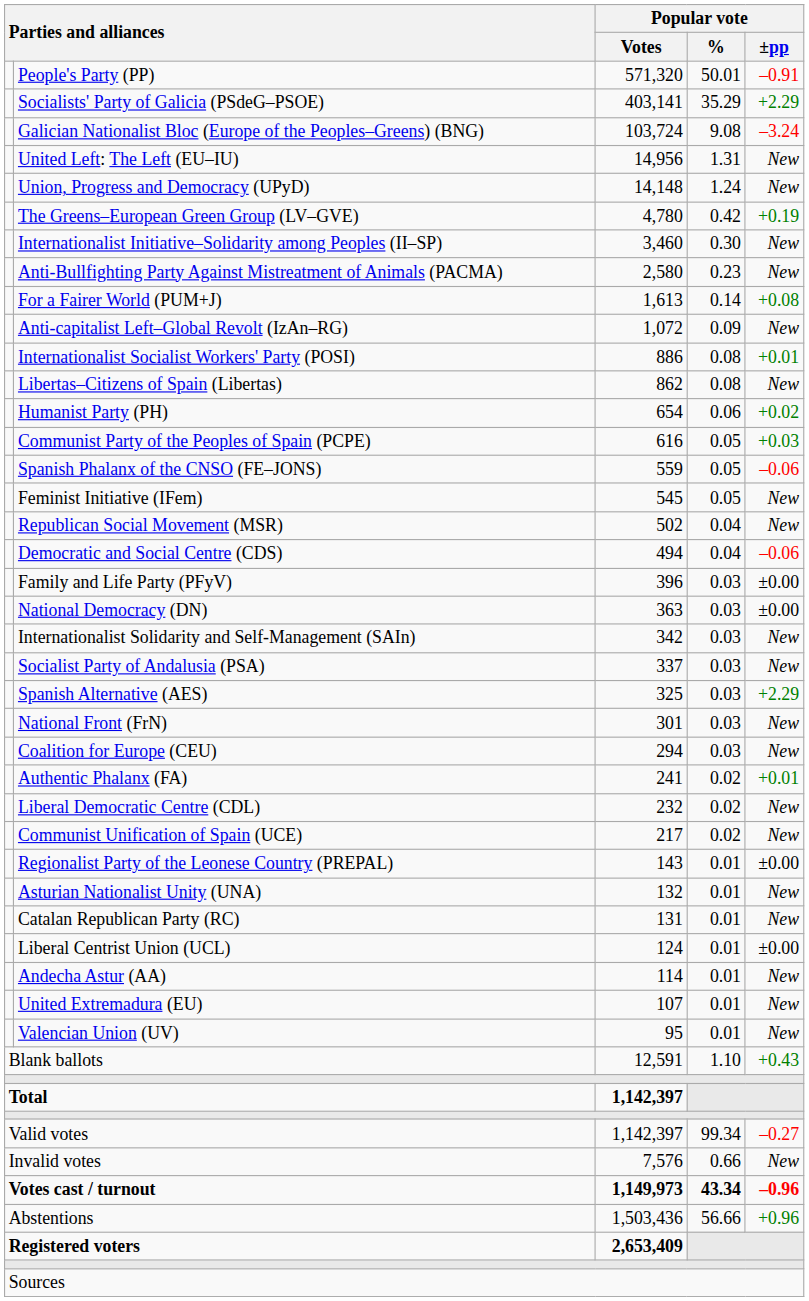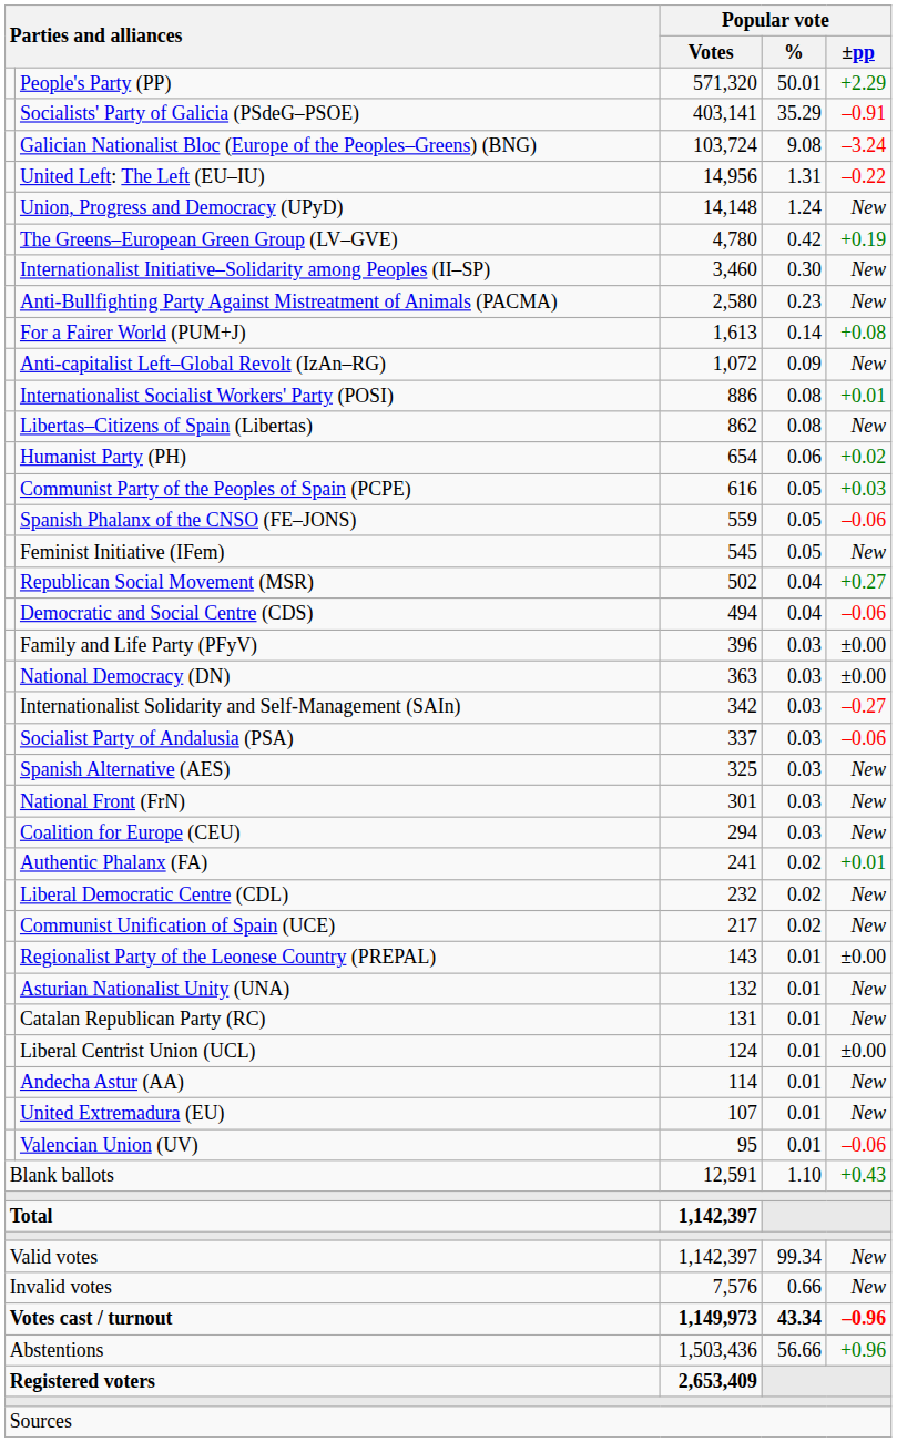 <table class="wikitable" style="text-align:right">
 <tr>
 <th style="text-align:left;" rowspan="2" colspan="2" width="525">Parties and alliances</th>
 <th colspan="3">Popular vote</th>
 </tr>
 <tr>
 <th width="75">Votes</th>
 <th width="45">%</th>
 <th width="45">±<a href='#'>pp</a></th>
 </tr>
 <tr>
 <td width="1" style="color:inherit;background:"></td>
 <td align="left"><a href='#'>People's Party</a> (PP)</td>
 <td>571,320</td>
 <td>50.01</td>
-<td style="color:red;">–0.91</td>
+<td style="color:green;">+2.29</td>
 </tr>
 <tr>
 <td style="color:inherit;background:"></td>
 <td align="left"><a href='#'>Socialists' Party of Galicia</a> (PSdeG–PSOE)</td>
 <td>403,141</td>
 <td>35.29</td>
-<td style="color:green;">+2.29</td>
+<td style="color:red;">–0.91</td>
 </tr>
 <tr>
 <td style="color:inherit;background:"></td>
 <td align="left"><a href='#'>Galician Nationalist Bloc</a> (<a href='#'>Europe of the Peoples–Greens</a>) (BNG)</td>
 <td>103,724</td>
 <td>9.08</td>
 <td style="color:red;">–3.24</td>
 </tr>
 <tr>
 <td style="color:inherit;background:"></td>
 <td align="left"><a href='#'>United Left</a>: <a href='#'>The Left</a> (EU–IU)</td>
 <td>14,956</td>
 <td>1.31</td>
-<td><em>New</em></td>
+<td style="color:red;">–0.22</td>
 </tr>
 <tr>
 <td style="color:inherit;background:"></td>
 <td align="left"><a href='#'>Union, Progress and Democracy</a> (UPyD)</td>
 <td>14,148</td>
 <td>1.24</td>
 <td><em>New</em></td>
 </tr>
 <tr>
 <td style="color:inherit;background:"></td>
 <td align="left"><a href='#'>The Greens–European Green Group</a> (LV–GVE)</td>
 <td>4,780</td>
 <td>0.42</td>
 <td style="color:green;">+0.19</td>
 </tr>
 <tr>
 <td style="color:inherit;background:"></td>
 <td align="left"><a href='#'>Internationalist Initiative–Solidarity among Peoples</a> (II–SP)</td>
 <td>3,460</td>
 <td>0.30</td>
 <td><em>New</em></td>
 </tr>
 <tr>
 <td style="color:inherit;background:"></td>
 <td align="left"><a href='#'>Anti-Bullfighting Party Against Mistreatment of Animals</a> (PACMA)</td>
 <td>2,580</td>
 <td>0.23</td>
 <td><em>New</em></td>
 </tr>
 <tr>
 <td style="color:inherit;background:"></td>
 <td align="left"><a href='#'>For a Fairer World</a> (PUM+J)</td>
 <td>1,613</td>
 <td>0.14</td>
 <td style="color:green;">+0.08</td>
 </tr>
 <tr>
 <td style="color:inherit;background:"></td>
 <td align="left"><a href='#'>Anti-capitalist Left–Global Revolt</a> (IzAn–RG)</td>
 <td>1,072</td>
 <td>0.09</td>
 <td><em>New</em></td>
 </tr>
 <tr>
 <td style="color:inherit;background:"></td>
 <td align="left"><a href='#'>Internationalist Socialist Workers' Party</a> (POSI)</td>
 <td>886</td>
 <td>0.08</td>
 <td style="color:green;">+0.01</td>
 </tr>
 <tr>
 <td style="color:inherit;background:"></td>
 <td align="left"><a href='#'>Libertas–Citizens of Spain</a> (Libertas)</td>
 <td>862</td>
 <td>0.08</td>
 <td><em>New</em></td>
 </tr>
 <tr>
 <td style="color:inherit;background:"></td>
 <td align="left"><a href='#'>Humanist Party</a> (PH)</td>
 <td>654</td>
 <td>0.06</td>
 <td style="color:green;">+0.02</td>
 </tr>
 <tr>
 <td style="color:inherit;background:"></td>
 <td align="left"><a href='#'>Communist Party of the Peoples of Spain</a> (PCPE)</td>
 <td>616</td>
 <td>0.05</td>
 <td style="color:green;">+0.03</td>
 </tr>
 <tr>
 <td style="color:inherit;background:"></td>
 <td align="left"><a href='#'>Spanish Phalanx of the CNSO</a> (FE–JONS)</td>
 <td>559</td>
 <td>0.05</td>
 <td style="color:red;">–0.06</td>
 </tr>
 <tr>
 <td style="color:inherit;background:"></td>
 <td align="left">Feminist Initiative (IFem)</td>
 <td>545</td>
 <td>0.05</td>
 <td><em>New</em></td>
 </tr>
 <tr>
 <td style="color:inherit;background:"></td>
 <td align="left"><a href='#'>Republican Social Movement</a> (MSR)</td>
 <td>502</td>
 <td>0.04</td>
-<td><em>New</em></td>
+<td style="color:green;">+0.27</td>
 </tr>
 <tr>
 <td style="color:inherit;background:"></td>
 <td align="left"><a href='#'>Democratic and Social Centre</a> (CDS)</td>
 <td>494</td>
 <td>0.04</td>
 <td style="color:red;">–0.06</td>
 </tr>
 <tr>
 <td style="color:inherit;background:"></td>
 <td align="left">Family and Life Party (PFyV)</td>
 <td>396</td>
 <td>0.03</td>
 <td>±0.00</td>
 </tr>
 <tr>
 <td style="color:inherit;background:"></td>
 <td align="left"><a href='#'>National Democracy</a> (DN)</td>
 <td>363</td>
 <td>0.03</td>
 <td>±0.00</td>
 </tr>
 <tr>
 <td style="color:inherit;background:"></td>
 <td align="left">Internationalist Solidarity and Self-Management (SAIn)</td>
 <td>342</td>
 <td>0.03</td>
-<td><em>New</em></td>
+<td style="color:red;">–0.27</td>
 </tr>
 <tr>
 <td style="color:inherit;background:"></td>
 <td align="left"><a href='#'>Socialist Party of Andalusia</a> (PSA)</td>
 <td>337</td>
 <td>0.03</td>
-<td><em>New</em></td>
+<td style="color:red;">–0.06</td>
 </tr>
 <tr>
 <td style="color:inherit;background:"></td>
 <td align="left"><a href='#'>Spanish Alternative</a> (AES)</td>
 <td>325</td>
 <td>0.03</td>
-<td style="color:green;">+2.29</td>
+<td><em>New</em></td>
 </tr>
 <tr>
 <td style="color:inherit;background:"></td>
 <td align="left"><a href='#'>National Front</a> (FrN)</td>
 <td>301</td>
 <td>0.03</td>
 <td><em>New</em></td>
 </tr>
 <tr>
 <td style="color:inherit;background:"></td>
 <td align="left"><a href='#'>Coalition for Europe</a> (CEU)</td>
 <td>294</td>
 <td>0.03</td>
 <td><em>New</em></td>
 </tr>
 <tr>
 <td style="color:inherit;background:"></td>
 <td align="left"><a href='#'>Authentic Phalanx</a> (FA)</td>
 <td>241</td>
 <td>0.02</td>
 <td style="color:green;">+0.01</td>
 </tr>
 <tr>
 <td style="color:inherit;background:"></td>
 <td align="left"><a href='#'>Liberal Democratic Centre</a> (CDL)</td>
 <td>232</td>
 <td>0.02</td>
 <td><em>New</em></td>
 </tr>
 <tr>
 <td style="color:inherit;background:"></td>
 <td align="left"><a href='#'>Communist Unification of Spain</a> (UCE)</td>
 <td>217</td>
 <td>0.02</td>
 <td><em>New</em></td>
 </tr>
 <tr>
 <td style="color:inherit;background:"></td>
 <td align="left"><a href='#'>Regionalist Party of the Leonese Country</a> (PREPAL)</td>
 <td>143</td>
 <td>0.01</td>
 <td>±0.00</td>
 </tr>
 <tr>
 <td style="color:inherit;background:"></td>
 <td align="left"><a href='#'>Asturian Nationalist Unity</a> (UNA)</td>
 <td>132</td>
 <td>0.01</td>
 <td><em>New</em></td>
 </tr>
 <tr>
 <td style="color:inherit;background:"></td>
 <td align="left">Catalan Republican Party (RC)</td>
 <td>131</td>
 <td>0.01</td>
 <td><em>New</em></td>
 </tr>
 <tr>
 <td style="color:inherit;background:"></td>
 <td align="left">Liberal Centrist Union (UCL)</td>
 <td>124</td>
 <td>0.01</td>
 <td>±0.00</td>
 </tr>
 <tr>
 <td style="color:inherit;background:"></td>
 <td align="left"><a href='#'>Andecha Astur</a> (AA)</td>
 <td>114</td>
 <td>0.01</td>
 <td><em>New</em></td>
 </tr>
 <tr>
 <td style="color:inherit;background:"></td>
 <td align="left"><a href='#'>United Extremadura</a> (EU)</td>
 <td>107</td>
 <td>0.01</td>
 <td><em>New</em></td>
 </tr>
 <tr>
 <td style="color:inherit;background:"></td>
 <td align="left"><a href='#'>Valencian Union</a> (UV)</td>
 <td>95</td>
 <td>0.01</td>
-<td><em>New</em></td>
+<td style="color:red;">–0.06</td>
 </tr>
 <tr>
 <td align="left" colspan="2">Blank ballots</td>
 <td>12,591</td>
 <td>1.10</td>
 <td style="color:green;">+0.43</td>
 </tr>
 <tr>
 <td colspan="5" bgcolor="#E9E9E9"></td>
 </tr>
 <tr style="font-weight:bold;">
 <td align="left" colspan="2">Total</td>
 <td>1,142,397</td>
 <td bgcolor="#E9E9E9" colspan="2"></td>
 </tr>
 <tr>
 <td colspan="5" bgcolor="#E9E9E9"></td>
 </tr>
 <tr>
 <td align="left" colspan="2">Valid votes</td>
 <td>1,142,397</td>
 <td>99.34</td>
-<td style="color:red;">–0.27</td>
+<td><em>New</em></td>
 </tr>
 <tr>
 <td align="left" colspan="2">Invalid votes</td>
 <td>7,576</td>
 <td>0.66</td>
 <td><em>New</em></td>
 </tr>
 <tr style="font-weight:bold;">
 <td align="left" colspan="2">Votes cast / turnout</td>
 <td>1,149,973</td>
 <td>43.34</td>
 <td style="color:red;">–0.96</td>
 </tr>
 <tr>
 <td align="left" colspan="2">Abstentions</td>
 <td>1,503,436</td>
 <td>56.66</td>
 <td style="color:green;">+0.96</td>
 </tr>
 <tr style="font-weight:bold;">
 <td align="left" colspan="2">Registered voters</td>
 <td>2,653,409</td>
 <td bgcolor="#E9E9E9" colspan="2"></td>
 </tr>
 <tr>
 <td colspan="5" bgcolor="#E9E9E9"></td>
 </tr>
 <tr>
 <td align="left" colspan="5">Sources</td>
 </tr>
 </table>
